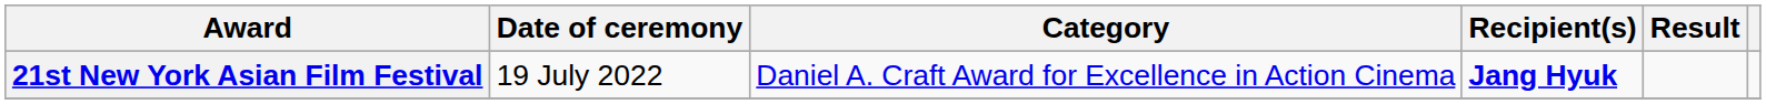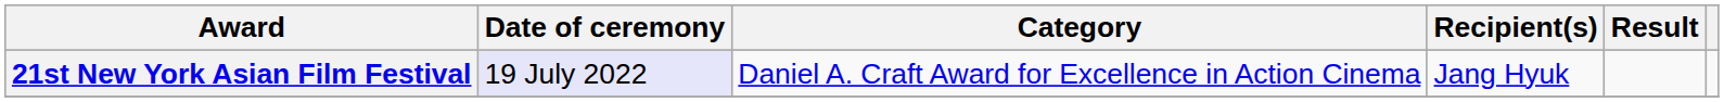 <table class="wikitable sortable plainrowheaders">
 <tr>
 <th scope="col">Award</th>
 <th scope="col">Date of ceremony</th>
 <th scope="col">Category</th>
 <th scope="col">Recipient(s)</th>
 <th scope="col">Result</th>
 <th scope="col" class="unsortable"></th>
 </tr>
 <tr>
 <th scope="row" rowspan="1"><a href='#'>21st New York Asian Film Festival</a></th>
-<td>19 July 2022</td>
+<td style="background: lavender;">19 July 2022</td>
 <td><a href='#'>Daniel A. Craft Award for Excellence in Action Cinema</a></td>
-<td><strong><a href='#'>Jang Hyuk</a></strong></td>
+<td><a href='#'>Jang Hyuk</a></td>
 <td></td>
 <td></td>
 </tr>
 <tr>
 </tr>
 </table>
